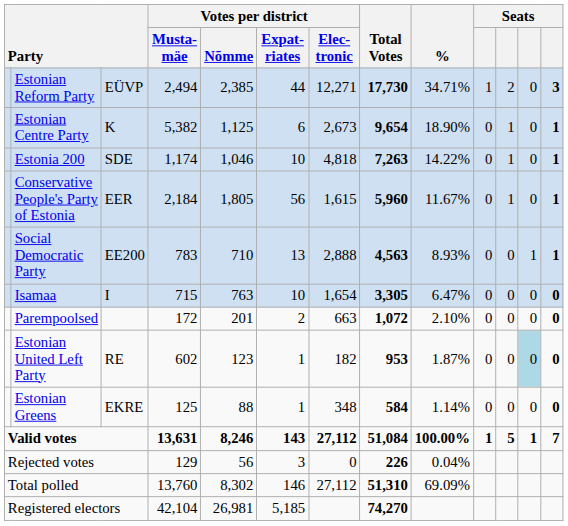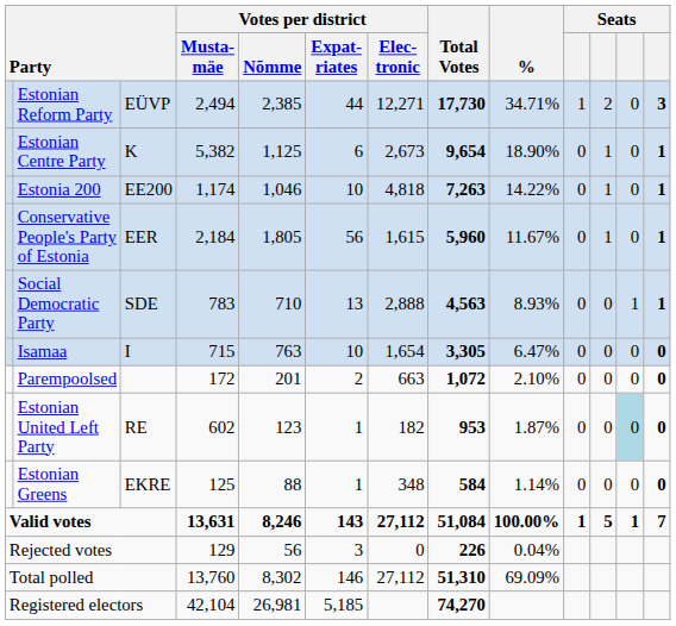 <table class="wikitable" border="1" style="text-align:right;">
 <tr>
 <th style="text-align:left;" valign=bottom rowspan=2 colspan=3>Party</th>
 <th colspan=4>Votes per district</th>
 <th align=center valign=bottom rowspan=2 width="50">Total Votes</th>
 <th align=center valign=bottom rowspan=2 width="50">%</th>
 <th colspan=4>Seats</th>
 </tr>
 <tr>
 <th align=center valign=bottom width="50"><a href='#'>Musta- mäe</a></th>
 <th align=center valign=bottom width="50"><a href='#'>Nõmme</a></th>
 <th align=center valign=bottom width="50"><a href='#'>Expat- riates</a></th>
 <th align=center valign=bottom width="50"><a href='#'>Elec- tronic</a></th>
 <th align=center valign=bottom width="20"><small></small></th>
 <th align=center valign=bottom width="20"><small></small></th>
 <th align=center valign=bottom width="20"><small></small></th>
 <th align=center valign=bottom width="20"><small></small></th>
 </tr>
 <tr style="background:#CEE0F2;">
 <td style="background:"></td>
 <td align=left><a href='#'>Estonian Reform Party</a></td>
 <td align=left>EÜVP</td>
 <td>2,494</td>
 <td>2,385</td>
 <td>44</td>
 <td>12,271</td>
 <td><strong>17,730</strong></td>
 <td>34.71%</td>
 <td>1</td>
 <td>2</td>
 <td>0</td>
 <td><strong>3</strong></td>
 </tr>
 <tr style="background:#CEE0F2;">
 <td style="background:"></td>
 <td align=left><a href='#'>Estonian Centre Party</a></td>
 <td align=left>K</td>
 <td>5,382</td>
 <td>1,125</td>
 <td>6</td>
 <td>2,673</td>
 <td><strong>9,654</strong></td>
 <td>18.90%</td>
 <td>0</td>
 <td>1</td>
 <td>0</td>
 <td><strong>1</strong></td>
 </tr>
 <tr style="background:#CEE0F2;">
 <td style="background:"></td>
 <td align=left><a href='#'>Estonia 200</a></td>
-<td align=left>SDE</td>
+<td align=left>EE200</td>
 <td>1,174</td>
 <td>1,046</td>
 <td>10</td>
 <td>4,818</td>
 <td><strong>7,263</strong></td>
 <td>14.22%</td>
 <td>0</td>
 <td>1</td>
 <td>0</td>
 <td><strong>1</strong></td>
 </tr>
 <tr style="background:#CEE0F2;">
 <td style="background:"></td>
 <td align=left><a href='#'>Conservative People's Party of Estonia</a></td>
 <td align=left>EER</td>
 <td>2,184</td>
 <td>1,805</td>
 <td>56</td>
 <td>1,615</td>
 <td><strong>5,960</strong></td>
 <td>11.67%</td>
 <td>0</td>
 <td>1</td>
 <td>0</td>
 <td><strong>1</strong></td>
 </tr>
 <tr style="background:#CEE0F2;">
 <td style="background:"></td>
 <td align=left><a href='#'>Social Democratic Party</a></td>
-<td align=left>EE200</td>
+<td align=left>SDE</td>
 <td>783</td>
 <td>710</td>
 <td>13</td>
 <td>2,888</td>
 <td><strong>4,563</strong></td>
 <td>8.93%</td>
 <td>0</td>
 <td>0</td>
 <td>1</td>
 <td><strong>1</strong></td>
 </tr>
 <tr style="background:#CEE0F2;">
 <td style="background:"></td>
 <td align=left><a href='#'>Isamaa</a></td>
 <td align=left>I</td>
 <td>715</td>
 <td>763</td>
 <td>10</td>
 <td>1,654</td>
 <td><strong>3,305</strong></td>
 <td>6.47%</td>
 <td>0</td>
 <td>0</td>
 <td>0</td>
 <td><strong>0</strong></td>
 </tr>
 <tr>
 <td style="background:"></td>
 <td align=left><a href='#'>Parempoolsed</a></td>
 <td align=left></td>
 <td>172</td>
 <td>201</td>
 <td>2</td>
 <td>663</td>
 <td><strong>1,072</strong></td>
 <td>2.10%</td>
 <td>0</td>
 <td>0</td>
 <td>0</td>
 <td><strong>0</strong></td>
 </tr>
 <tr>
 <td style="background:"></td>
 <td align=left><a href='#'>Estonian United Left Party</a></td>
 <td align=left>RE</td>
 <td>602</td>
 <td>123</td>
 <td>1</td>
 <td>182</td>
 <td><strong>953</strong></td>
 <td>1.87%</td>
 <td>0</td>
 <td>0</td>
 <td style="background: lightblue;">0</td>
 <td><strong>0</strong></td>
 </tr>
 <tr>
 <td style="background:"></td>
 <td align=left><a href='#'>Estonian Greens</a></td>
 <td align=left>EKRE</td>
 <td>125</td>
 <td>88</td>
 <td>1</td>
 <td>348</td>
 <td><strong>584</strong></td>
 <td>1.14%</td>
 <td>0</td>
 <td>0</td>
 <td>0</td>
 <td><strong>0</strong></td>
 </tr>
 <tr style="font-weight:bold">
 <td align=left colspan=3>Valid votes</td>
 <td>13,631</td>
 <td>8,246</td>
 <td>143</td>
 <td>27,112</td>
 <td>51,084</td>
 <td>100.00%</td>
 <td>1</td>
 <td>5</td>
 <td>1</td>
 <td>7</td>
 </tr>
 <tr>
 <td align=left colspan=3>Rejected votes</td>
 <td>129</td>
 <td>56</td>
 <td>3</td>
 <td>0</td>
 <td><strong>226</strong></td>
 <td>0.04%</td>
 <td></td>
 <td></td>
 <td></td>
 <td></td>
 </tr>
 <tr>
 <td align=left colspan=3>Total polled</td>
 <td>13,760</td>
 <td>8,302</td>
 <td>146</td>
 <td>27,112</td>
 <td><strong>51,310</strong></td>
 <td>69.09%</td>
 <td></td>
 <td></td>
 <td></td>
 <td></td>
 </tr>
 <tr>
 <td align=left colspan=3>Registered electors</td>
 <td>42,104</td>
 <td>26,981</td>
 <td>5,185</td>
 <td></td>
 <td><strong>74,270</strong></td>
 <td></td>
 <td></td>
 <td></td>
 <td></td>
 <td></td>
 </tr>
 </table>
